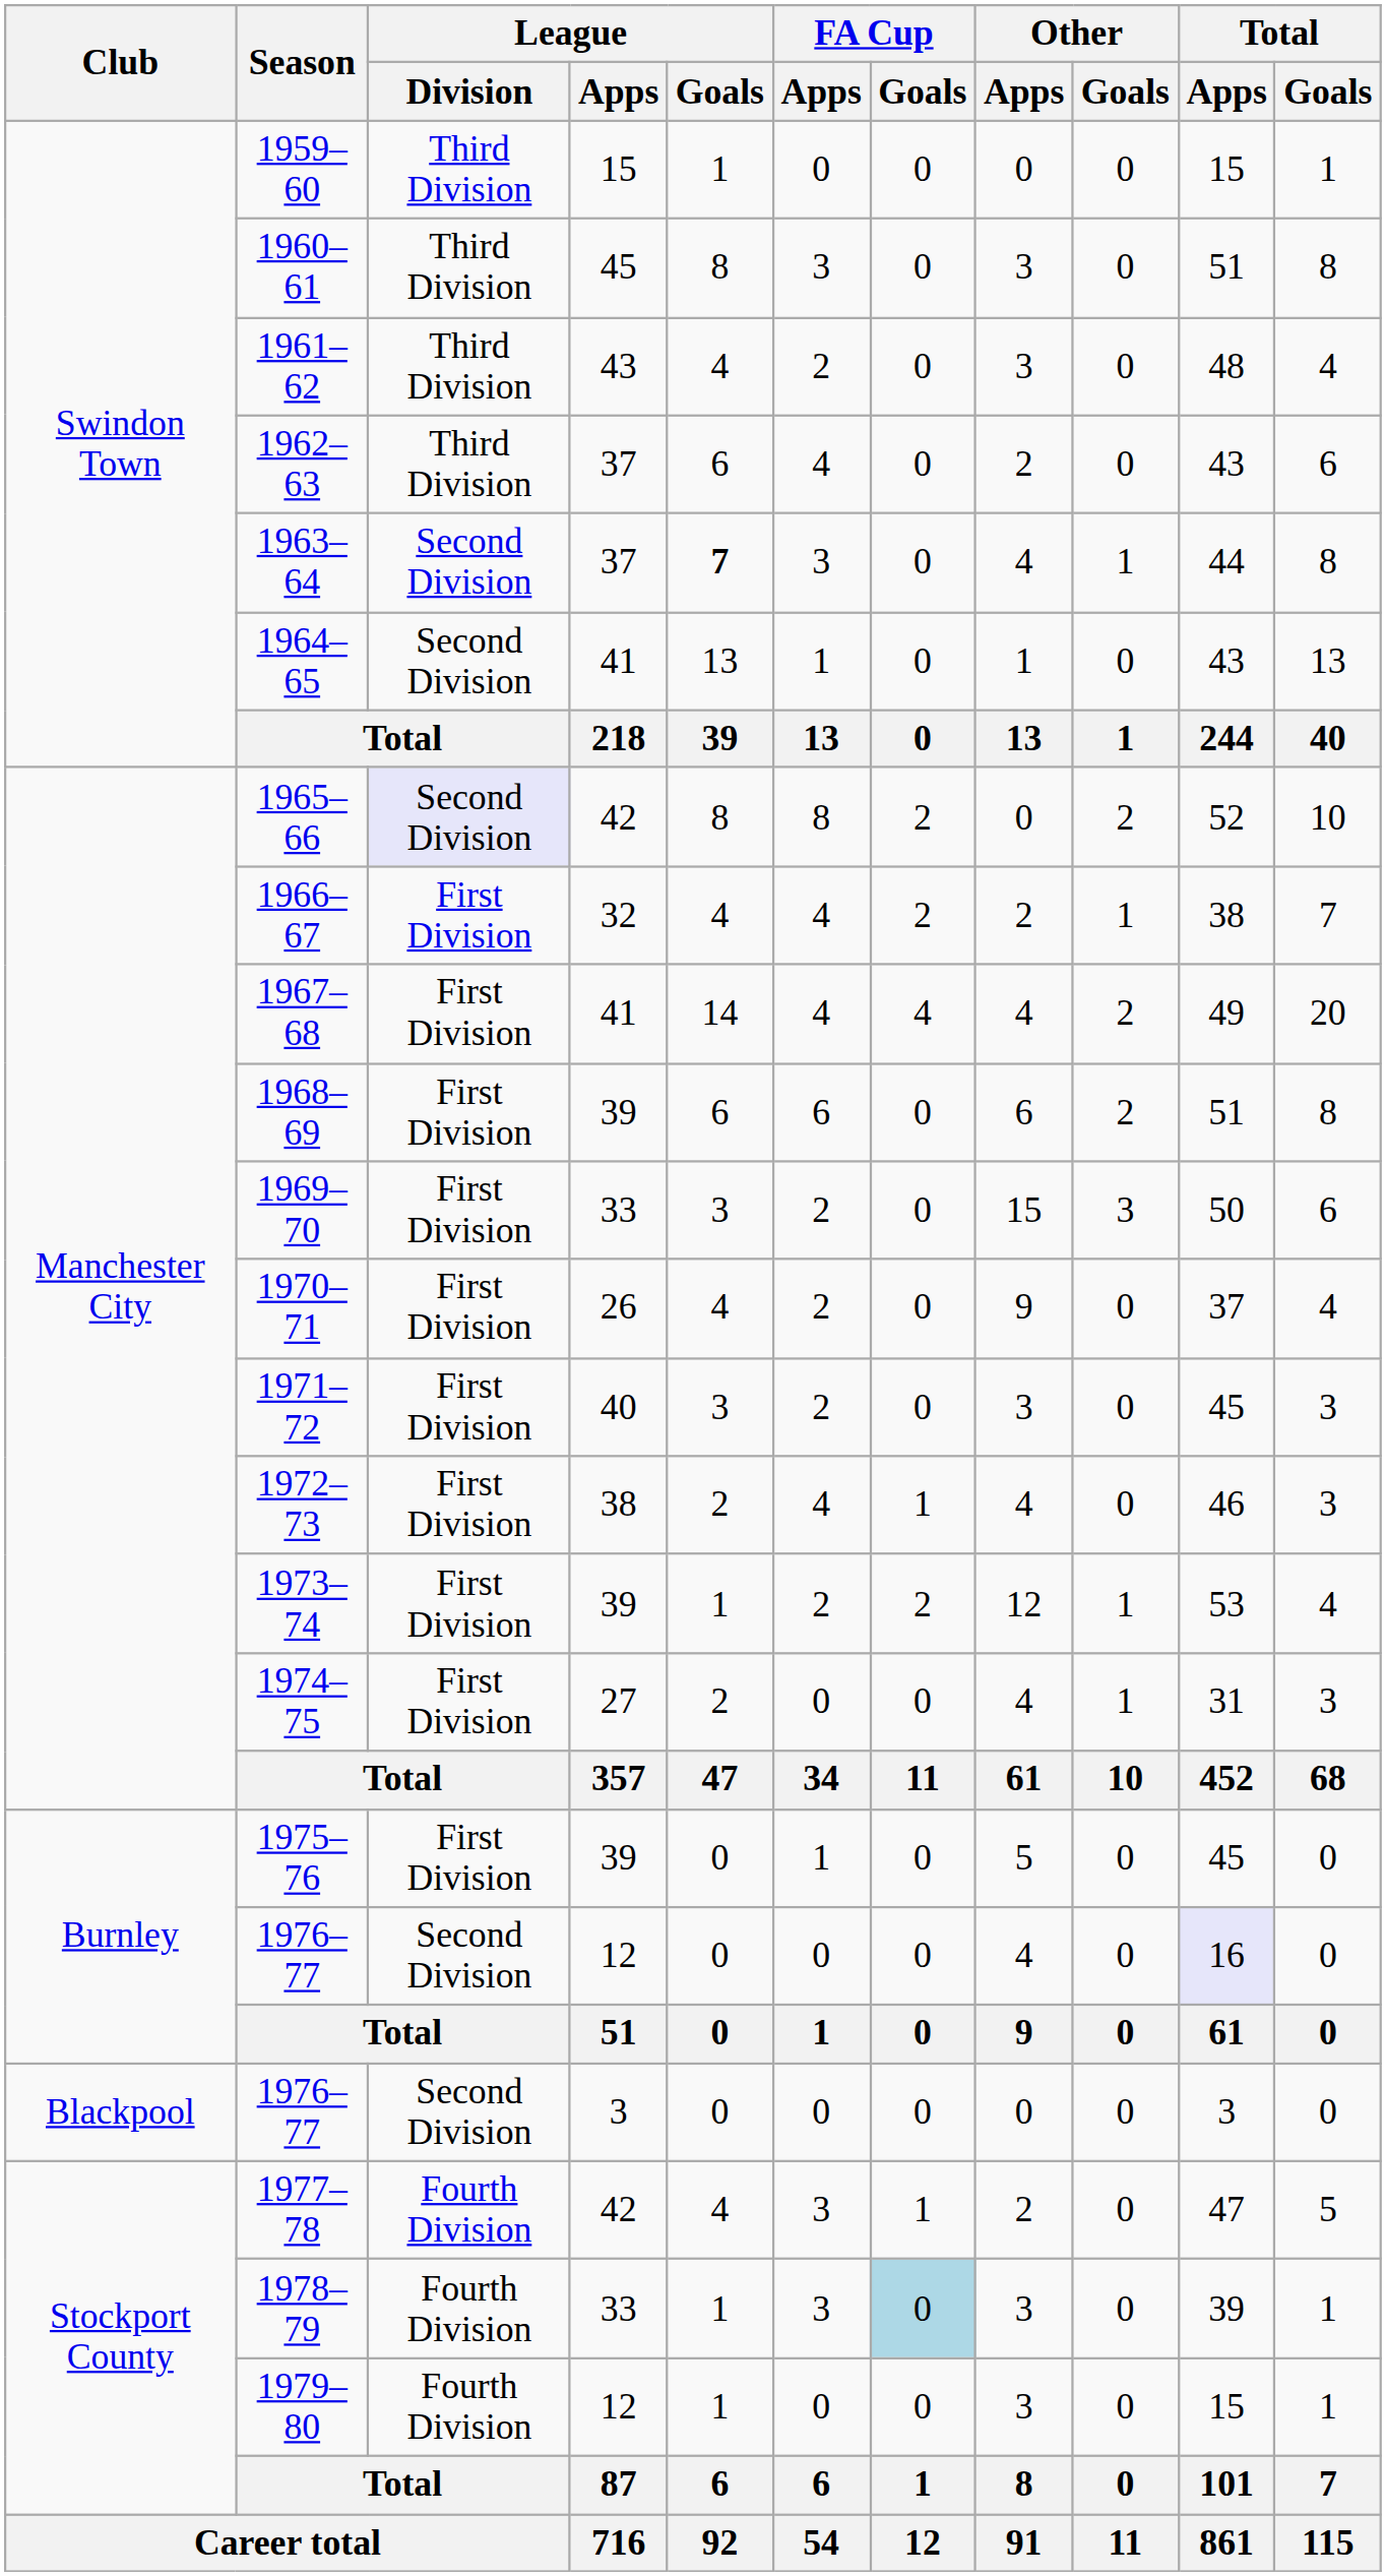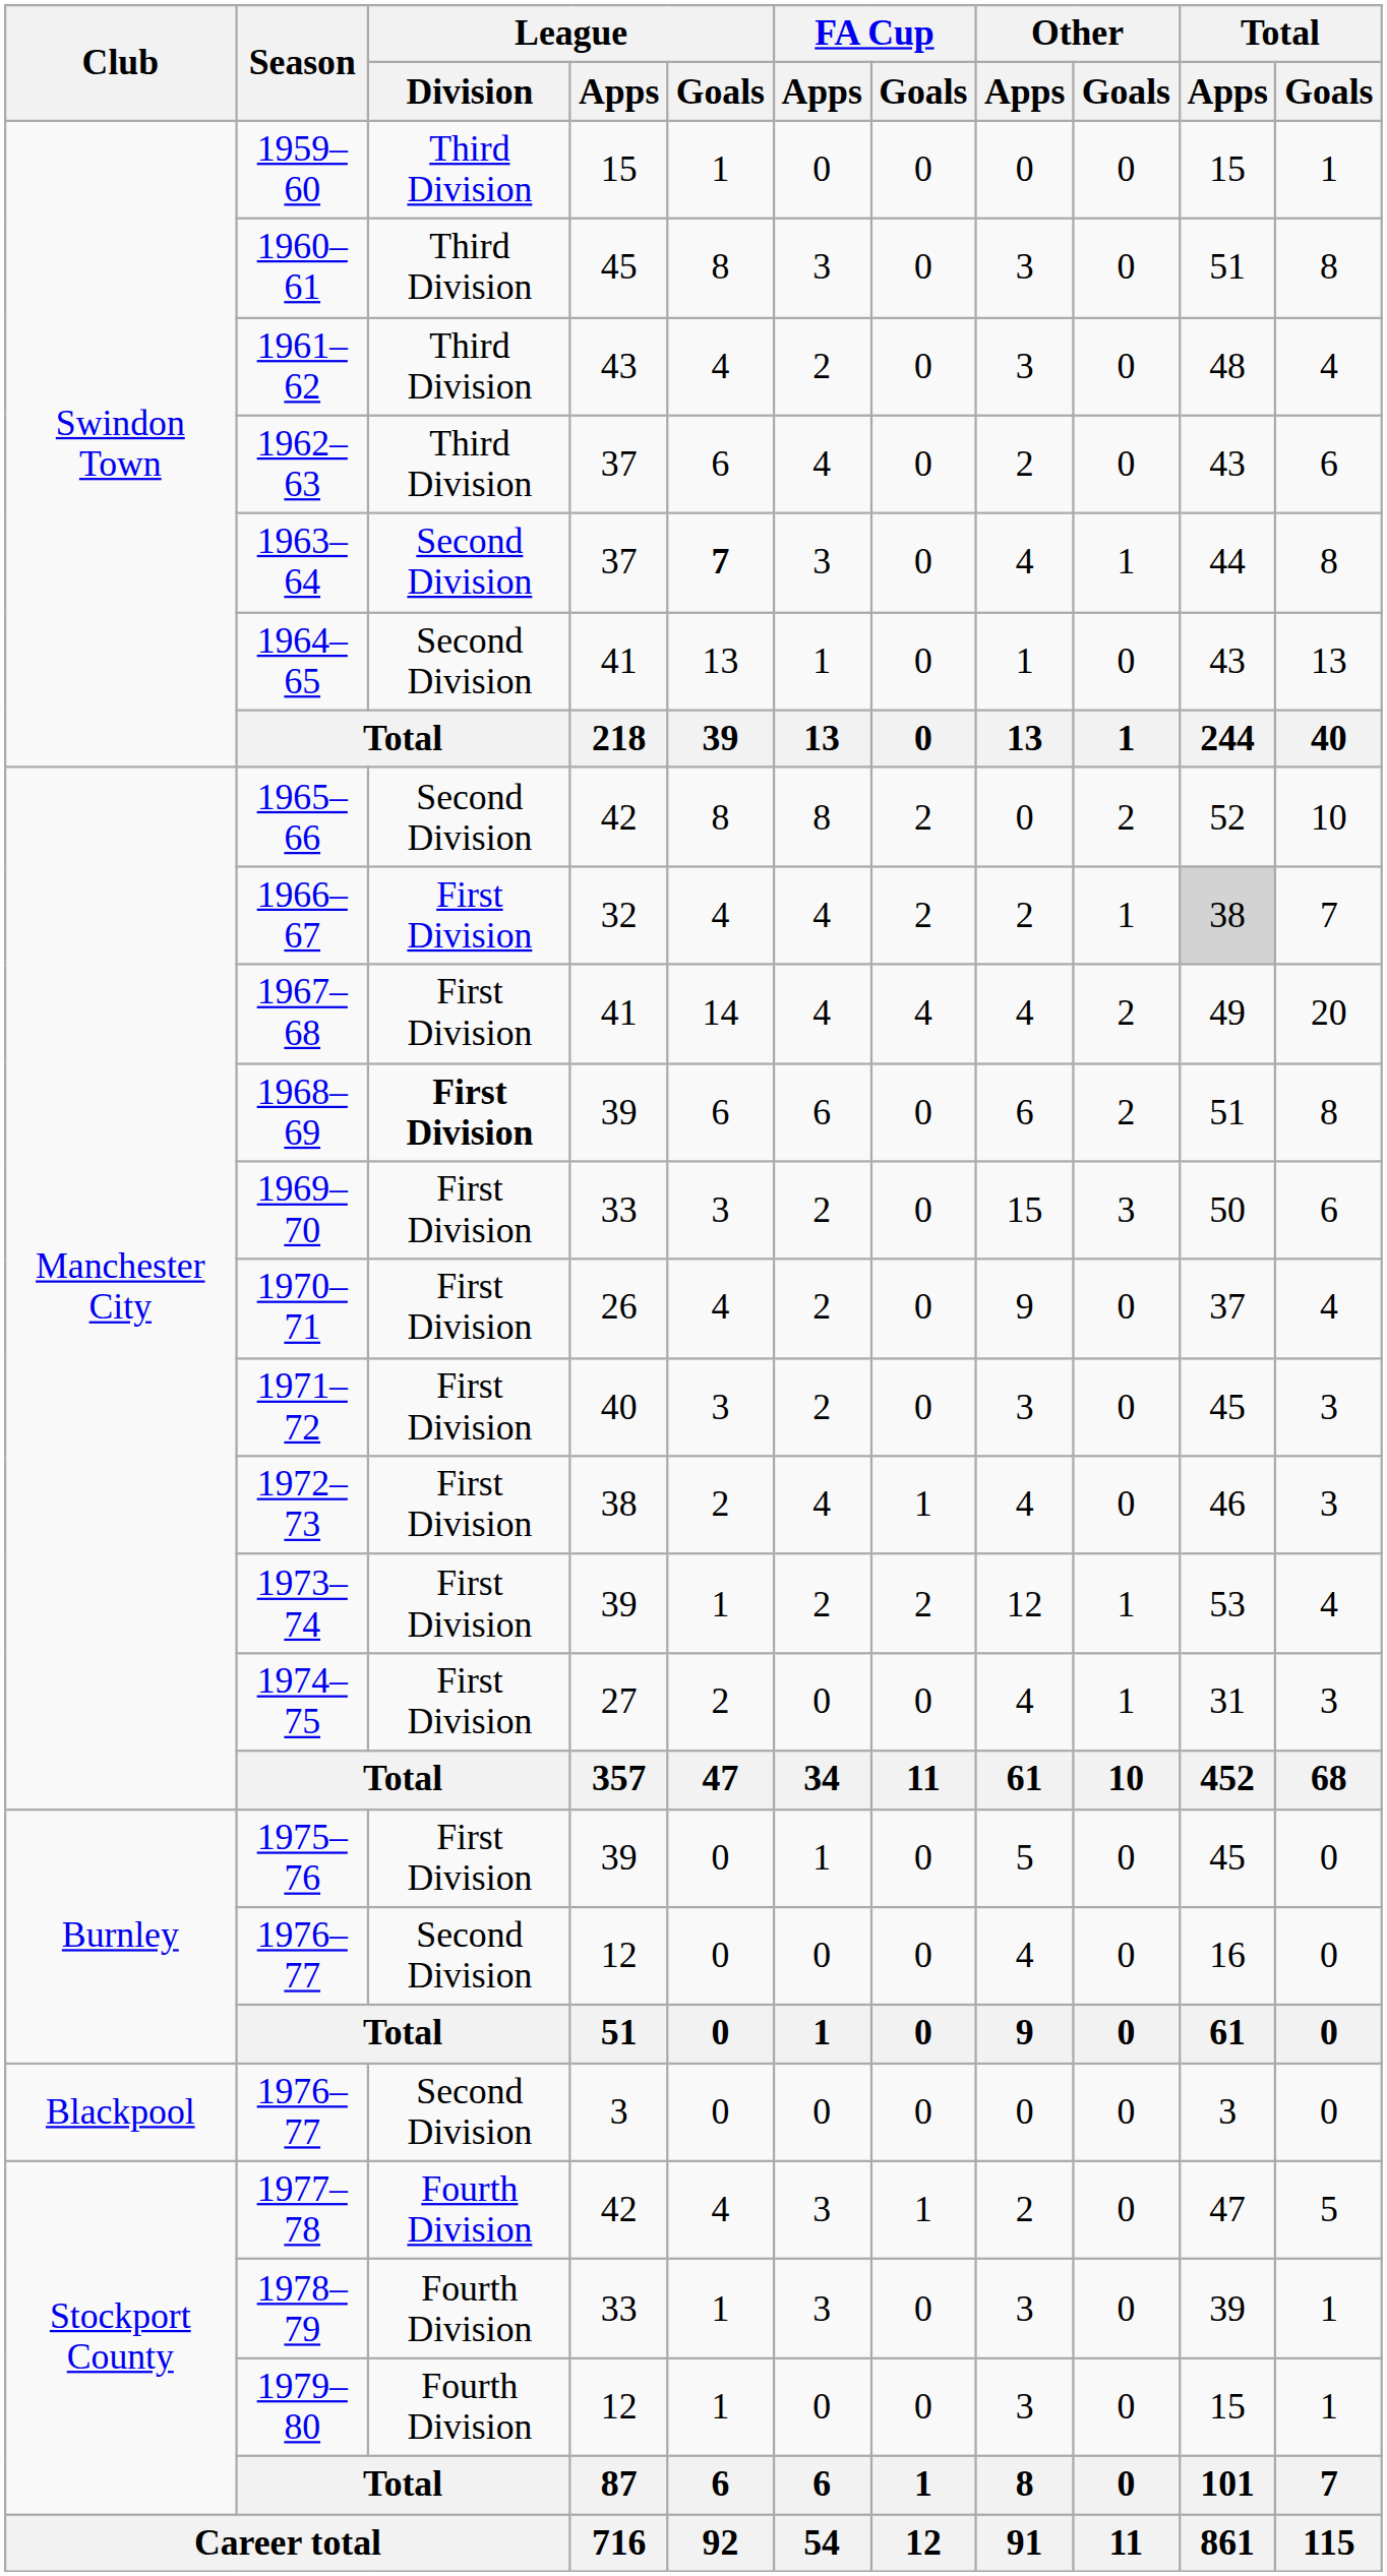 <table class="wikitable" style="text-align: center;">
 <tr>
 <th rowspan="2">Club</th>
 <th rowspan="2">Season</th>
 <th colspan="3">League</th>
 <th colspan="2"><a href='#'>FA Cup</a></th>
 <th colspan="2">Other</th>
 <th colspan="2">Total</th>
 </tr>
 <tr>
 <th>Division</th>
 <th>Apps</th>
 <th>Goals</th>
 <th>Apps</th>
 <th>Goals</th>
 <th>Apps</th>
 <th>Goals</th>
 <th>Apps</th>
 <th>Goals</th>
 </tr>
 <tr>
 <td rowspan="7"><a href='#'>Swindon Town</a></td>
 <td><a href='#'>1959–60</a></td>
 <td><a href='#'>Third Division</a></td>
 <td>15</td>
 <td>1</td>
 <td>0</td>
 <td>0</td>
 <td>0</td>
 <td>0</td>
 <td>15</td>
 <td>1</td>
 </tr>
 <tr>
 <td><a href='#'>1960–61</a></td>
 <td>Third Division</td>
 <td>45</td>
 <td>8</td>
 <td>3</td>
 <td>0</td>
 <td>3</td>
 <td>0</td>
 <td>51</td>
 <td>8</td>
 </tr>
 <tr>
 <td><a href='#'>1961–62</a></td>
 <td>Third Division</td>
 <td>43</td>
 <td>4</td>
 <td>2</td>
 <td>0</td>
 <td>3</td>
 <td>0</td>
 <td>48</td>
 <td>4</td>
 </tr>
 <tr>
 <td><a href='#'>1962–63</a></td>
 <td>Third Division</td>
 <td>37</td>
 <td>6</td>
 <td>4</td>
 <td>0</td>
 <td>2</td>
 <td>0</td>
 <td>43</td>
 <td>6</td>
 </tr>
 <tr>
 <td><a href='#'>1963–64</a></td>
 <td><a href='#'>Second Division</a></td>
 <td>37</td>
 <td><strong>7</strong></td>
 <td>3</td>
 <td>0</td>
 <td>4</td>
 <td>1</td>
 <td>44</td>
 <td>8</td>
 </tr>
 <tr>
 <td><a href='#'>1964–65</a></td>
 <td>Second Division</td>
 <td>41</td>
 <td>13</td>
 <td>1</td>
 <td>0</td>
 <td>1</td>
 <td>0</td>
 <td>43</td>
 <td>13</td>
 </tr>
 <tr>
 <th colspan="2">Total</th>
 <th>218</th>
 <th>39</th>
 <th>13</th>
 <th>0</th>
 <th>13</th>
 <th>1</th>
 <th>244</th>
 <th>40</th>
 </tr>
 <tr>
 <td rowspan="11"><a href='#'>Manchester City</a></td>
 <td><a href='#'>1965–66</a></td>
-<td style="background: lavender;">Second Division</td>
+<td>Second Division</td>
 <td>42</td>
 <td>8</td>
 <td>8</td>
 <td>2</td>
 <td>0</td>
 <td>2</td>
 <td>52</td>
 <td>10</td>
 </tr>
 <tr>
 <td><a href='#'>1966–67</a></td>
 <td><a href='#'>First Division</a></td>
 <td>32</td>
 <td>4</td>
 <td>4</td>
 <td>2</td>
 <td>2</td>
 <td>1</td>
-<td>38</td>
+<td style="background: lightgrey;">38</td>
 <td>7</td>
 </tr>
 <tr>
 <td><a href='#'>1967–68</a></td>
 <td>First Division</td>
 <td>41</td>
 <td>14</td>
 <td>4</td>
 <td>4</td>
 <td>4</td>
 <td>2</td>
 <td>49</td>
 <td>20</td>
 </tr>
 <tr>
 <td><a href='#'>1968–69</a></td>
-<td>First Division</td>
+<td><strong>First Division</strong></td>
 <td>39</td>
 <td>6</td>
 <td>6</td>
 <td>0</td>
 <td>6</td>
 <td>2</td>
 <td>51</td>
 <td>8</td>
 </tr>
 <tr>
 <td><a href='#'>1969–70</a></td>
 <td>First Division</td>
 <td>33</td>
 <td>3</td>
 <td>2</td>
 <td>0</td>
 <td>15</td>
 <td>3</td>
 <td>50</td>
 <td>6</td>
 </tr>
 <tr>
 <td><a href='#'>1970–71</a></td>
 <td>First Division</td>
 <td>26</td>
 <td>4</td>
 <td>2</td>
 <td>0</td>
 <td>9</td>
 <td>0</td>
 <td>37</td>
 <td>4</td>
 </tr>
 <tr>
 <td><a href='#'>1971–72</a></td>
 <td>First Division</td>
 <td>40</td>
 <td>3</td>
 <td>2</td>
 <td>0</td>
 <td>3</td>
 <td>0</td>
 <td>45</td>
 <td>3</td>
 </tr>
 <tr>
 <td><a href='#'>1972–73</a></td>
 <td>First Division</td>
 <td>38</td>
 <td>2</td>
 <td>4</td>
 <td>1</td>
 <td>4</td>
 <td>0</td>
 <td>46</td>
 <td>3</td>
 </tr>
 <tr>
 <td><a href='#'>1973–74</a></td>
 <td>First Division</td>
 <td>39</td>
 <td>1</td>
 <td>2</td>
 <td>2</td>
 <td>12</td>
 <td>1</td>
 <td>53</td>
 <td>4</td>
 </tr>
 <tr>
 <td><a href='#'>1974–75</a></td>
 <td>First Division</td>
 <td>27</td>
 <td>2</td>
 <td>0</td>
 <td>0</td>
 <td>4</td>
 <td>1</td>
 <td>31</td>
 <td>3</td>
 </tr>
 <tr>
 <th colspan="2">Total</th>
 <th>357</th>
 <th>47</th>
 <th>34</th>
 <th>11</th>
 <th>61</th>
 <th>10</th>
 <th>452</th>
 <th>68</th>
 </tr>
 <tr>
 <td rowspan="3"><a href='#'>Burnley</a></td>
 <td><a href='#'>1975–76</a></td>
 <td>First Division</td>
 <td>39</td>
 <td>0</td>
 <td>1</td>
 <td>0</td>
 <td>5</td>
 <td>0</td>
 <td>45</td>
 <td>0</td>
 </tr>
 <tr>
 <td><a href='#'>1976–77</a></td>
 <td>Second Division</td>
 <td>12</td>
 <td>0</td>
 <td>0</td>
 <td>0</td>
 <td>4</td>
 <td>0</td>
-<td style="background: lavender;">16</td>
+<td>16</td>
 <td>0</td>
 </tr>
 <tr>
 <th colspan="2">Total</th>
 <th>51</th>
 <th>0</th>
 <th>1</th>
 <th>0</th>
 <th>9</th>
 <th>0</th>
 <th>61</th>
 <th>0</th>
 </tr>
 <tr>
 <td><a href='#'>Blackpool</a></td>
 <td><a href='#'>1976–77</a></td>
 <td>Second Division</td>
 <td>3</td>
 <td>0</td>
 <td>0</td>
 <td>0</td>
 <td>0</td>
 <td>0</td>
 <td>3</td>
 <td>0</td>
 </tr>
 <tr>
 <td rowspan="4"><a href='#'>Stockport County</a></td>
 <td><a href='#'>1977–78</a></td>
 <td><a href='#'>Fourth Division</a></td>
 <td>42</td>
 <td>4</td>
 <td>3</td>
 <td>1</td>
 <td>2</td>
 <td>0</td>
 <td>47</td>
 <td>5</td>
 </tr>
 <tr>
 <td><a href='#'>1978–79</a></td>
 <td>Fourth Division</td>
 <td>33</td>
 <td>1</td>
 <td>3</td>
-<td style="background: lightblue;">0</td>
+<td>0</td>
 <td>3</td>
 <td>0</td>
 <td>39</td>
 <td>1</td>
 </tr>
 <tr>
 <td><a href='#'>1979–80</a></td>
 <td>Fourth Division</td>
 <td>12</td>
 <td>1</td>
 <td>0</td>
 <td>0</td>
 <td>3</td>
 <td>0</td>
 <td>15</td>
 <td>1</td>
 </tr>
 <tr>
 <th colspan="2">Total</th>
 <th>87</th>
 <th>6</th>
 <th>6</th>
 <th>1</th>
 <th>8</th>
 <th>0</th>
 <th>101</th>
 <th>7</th>
 </tr>
 <tr>
 <th colspan="3">Career total</th>
 <th>716</th>
 <th>92</th>
 <th>54</th>
 <th>12</th>
 <th>91</th>
 <th>11</th>
 <th>861</th>
 <th>115</th>
 </tr>
 </table>
